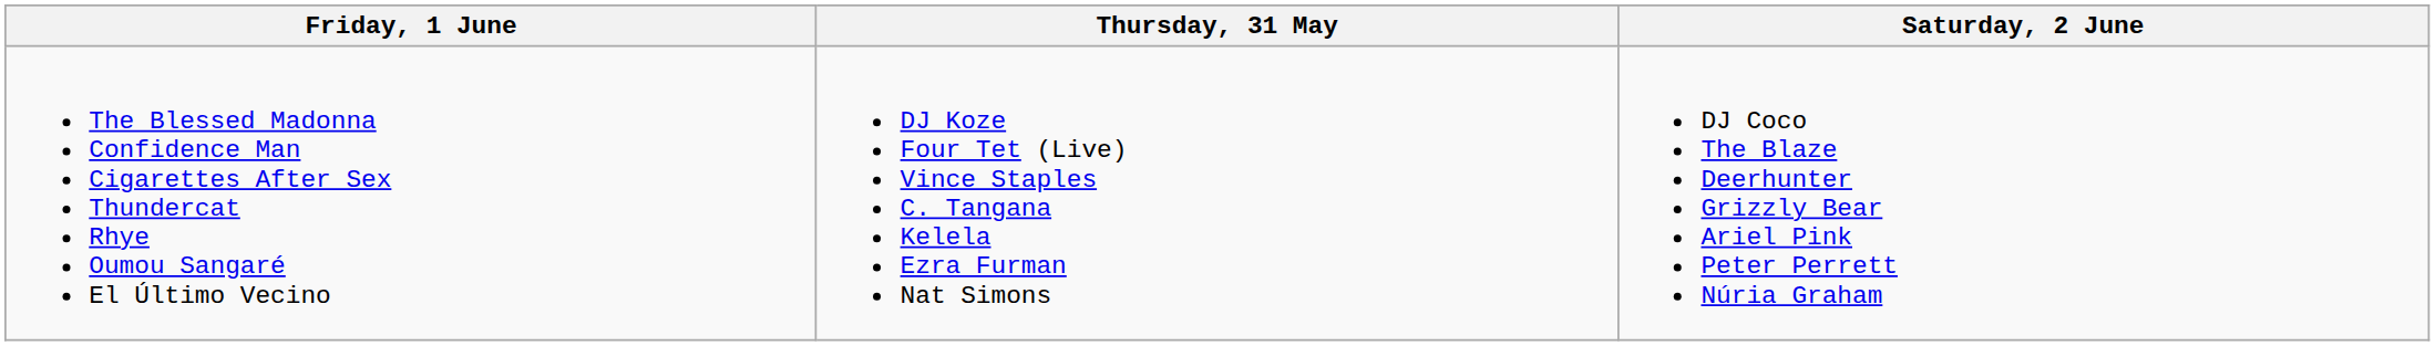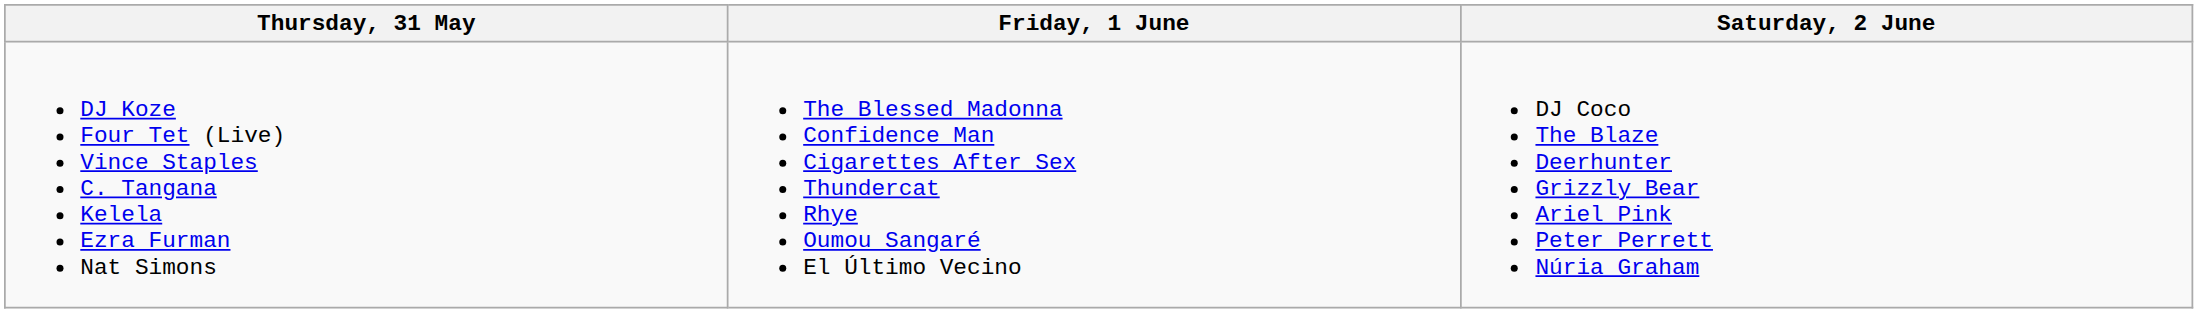 <table class="wikitable">
 <tr>
+<th width="500">Thursday, 31 May</th>
 <th width="500">Friday, 1 June</th>
-<th width="500">Thursday, 31 May</th>
 <th width="500">Saturday, 2 June</th>
 </tr>
 <tr valign="top">
+<td><br><ul><li><a href='#'>DJ Koze</a></li><li><a href='#'>Four Tet</a> (Live)</li><li><a href='#'>Vince Staples</a></li><li><a href='#'>C. Tangana</a></li><li><a href='#'>Kelela</a></li><li><a href='#'>Ezra Furman</a></li><li>Nat Simons</li></ul></td>
 <td><br><ul><li><a href='#'>The Blessed Madonna</a></li><li><a href='#'>Confidence Man</a></li><li><a href='#'>Cigarettes After Sex</a></li><li><a href='#'>Thundercat</a></li><li><a href='#'>Rhye</a></li><li><a href='#'>Oumou Sangaré</a></li><li>El Último Vecino</li></ul></td>
-<td><br><ul><li><a href='#'>DJ Koze</a></li><li><a href='#'>Four Tet</a> (Live)</li><li><a href='#'>Vince Staples</a></li><li><a href='#'>C. Tangana</a></li><li><a href='#'>Kelela</a></li><li><a href='#'>Ezra Furman</a></li><li>Nat Simons</li></ul></td>
 <td><br><ul><li>DJ Coco</li><li><a href='#'>The Blaze</a></li><li><a href='#'>Deerhunter</a></li><li><a href='#'>Grizzly Bear</a></li><li><a href='#'>Ariel Pink</a></li><li><a href='#'>Peter Perrett</a></li><li><a href='#'>Núria Graham</a></li></ul></td>
 </tr>
 </table>
